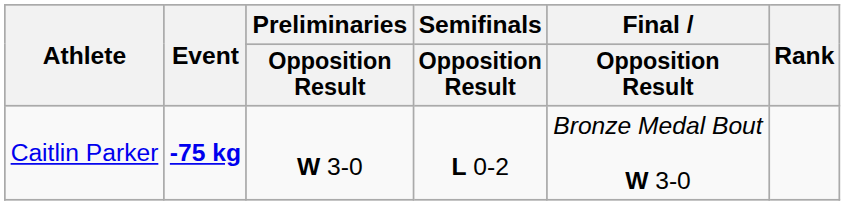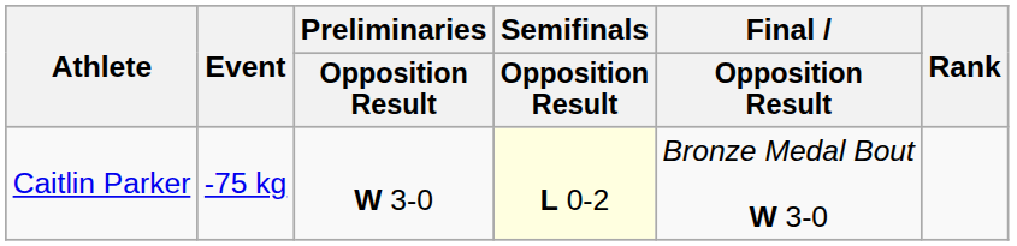 <table class="wikitable" style="font-size:90%;">
 <tr>
 <th rowspan=2>Athlete</th>
 <th rowspan=2>Event</th>
 <th>Preliminaries</th>
 <th>Semifinals</th>
 <th>Final / </th>
 <th rowspan=2>Rank</th>
 </tr>
 <tr style="font-size:95%">
 <th>Opposition<br>Result</th>
 <th>Opposition<br>Result</th>
 <th>Opposition<br>Result</th>
 </tr>
 <tr align=center>
 <td align=left><a href='#'>Caitlin Parker</a></td>
-<td align=left><strong><a href='#'>-75 kg</a></strong></td>
+<td align=left><a href='#'>-75 kg</a></td>
 <td><br> <strong>W</strong> 3-0</td>
-<td><br> <strong>L</strong> 0-2</td>
+<td style="background: lightyellow;"><br> <strong>L</strong> 0-2</td>
 <td><em>Bronze Medal Bout</em><br><br> <strong>W</strong> 3-0</td>
 <td></td>
 </tr>
 </table>
